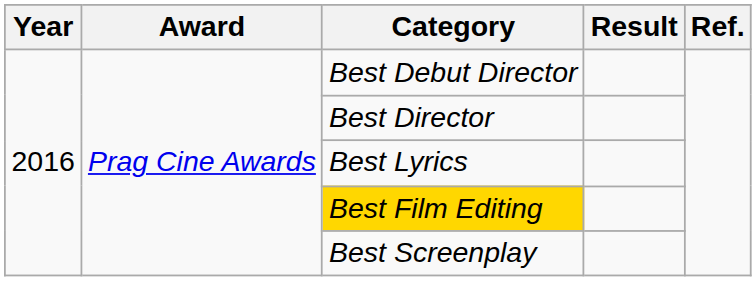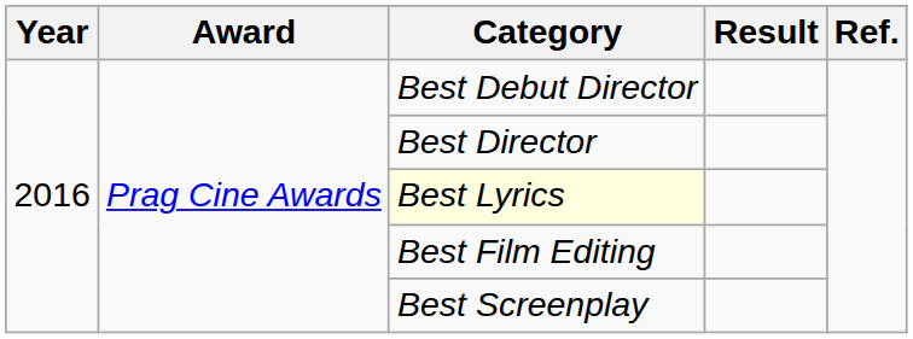 <table class="wikitable sortable">
 <tr>
 <th>Year</th>
 <th>Award</th>
 <th>Category</th>
 <th>Result</th>
 <th>Ref.</th>
 </tr>
 <tr>
 <td rowspan="5">2016</td>
 <td rowspan="9"><em><a href='#'>Prag Cine Awards</a></em></td>
 <td><em>Best Debut Director</em></td>
 <td></td>
 <td rowspan="5"></td>
 </tr>
 <tr>
 <td><em>Best Director</em></td>
 <td></td>
 </tr>
 <tr>
-<td><em>Best Lyrics</em></td>
+<td style="background: lightyellow;"><em>Best Lyrics</em></td>
 <td></td>
 </tr>
 <tr>
-<td style="background: gold;"><em>Best Film Editing</em></td>
+<td><em>Best Film Editing</em></td>
 <td></td>
 </tr>
 <tr>
 <td><em>Best Screenplay</em></td>
 <td></td>
 </tr>
 </table>
